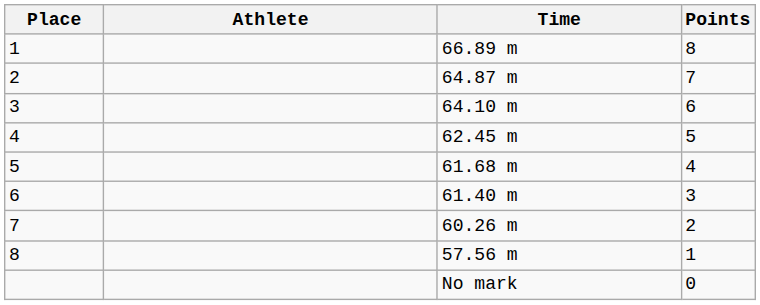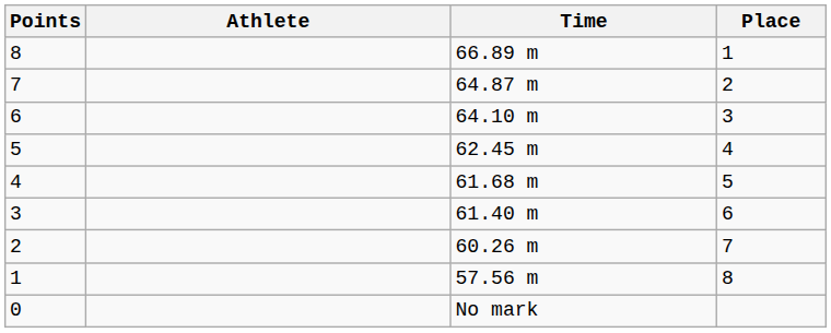 <table class=wikitable>
 <tr>
-<th style="width:5em">Place</th>
+<th>Points</th>
 <th style="width:18em">Athlete</th>
 <th style="width:13em">Time</th>
-<th>Points</th>
+<th style="width:5em">Place</th>
+</tr>
+<tr>
+<td>8</td>
+<td></td>
+<td>66.89 m </td>
+<td>1</td>
+</tr>
+<tr>
+<td>7</td>
+<td></td>
+<td>64.87 m </td>
+<td>2</td>
+</tr>
+<tr>
+<td>6</td>
+<td></td>
+<td>64.10 m</td>
+<td>3</td>
+</tr>
+<tr>
+<td>5</td>
+<td></td>
+<td>62.45 m</td>
+<td>4</td>
+</tr>
+<tr>
+<td>4</td>
+<td></td>
+<td>61.68 m</td>
+<td>5</td>
+</tr>
+<tr>
+<td>3</td>
+<td></td>
+<td>61.40 m</td>
+<td>6</td>
+</tr>
+<tr>
+<td>2</td>
+<td></td>
+<td>60.26 m</td>
+<td>7</td>
 </tr>
 <tr>
 <td>1</td>
 <td></td>
-<td>66.89 m </td>
+<td>57.56 m</td>
 <td>8</td>
 </tr>
 <tr>
-<td>2</td>
-<td></td>
-<td>64.87 m </td>
-<td>7</td>
-</tr>
-<tr>
-<td>3</td>
-<td></td>
-<td>64.10 m</td>
-<td>6</td>
-</tr>
-<tr>
-<td>4</td>
-<td></td>
-<td>62.45 m</td>
-<td>5</td>
-</tr>
-<tr>
-<td>5</td>
-<td></td>
-<td>61.68 m</td>
-<td>4</td>
-</tr>
-<tr>
-<td>6</td>
-<td></td>
-<td>61.40 m</td>
-<td>3</td>
-</tr>
-<tr>
-<td>7</td>
-<td></td>
-<td>60.26 m</td>
-<td>2</td>
-</tr>
-<tr>
-<td>8</td>
-<td></td>
-<td>57.56 m</td>
-<td>1</td>
-</tr>
-<tr>
-<td></td>
+<td>0</td>
 <td></td>
 <td>No mark</td>
-<td>0</td>
+<td></td>
 </tr>
 </table>
